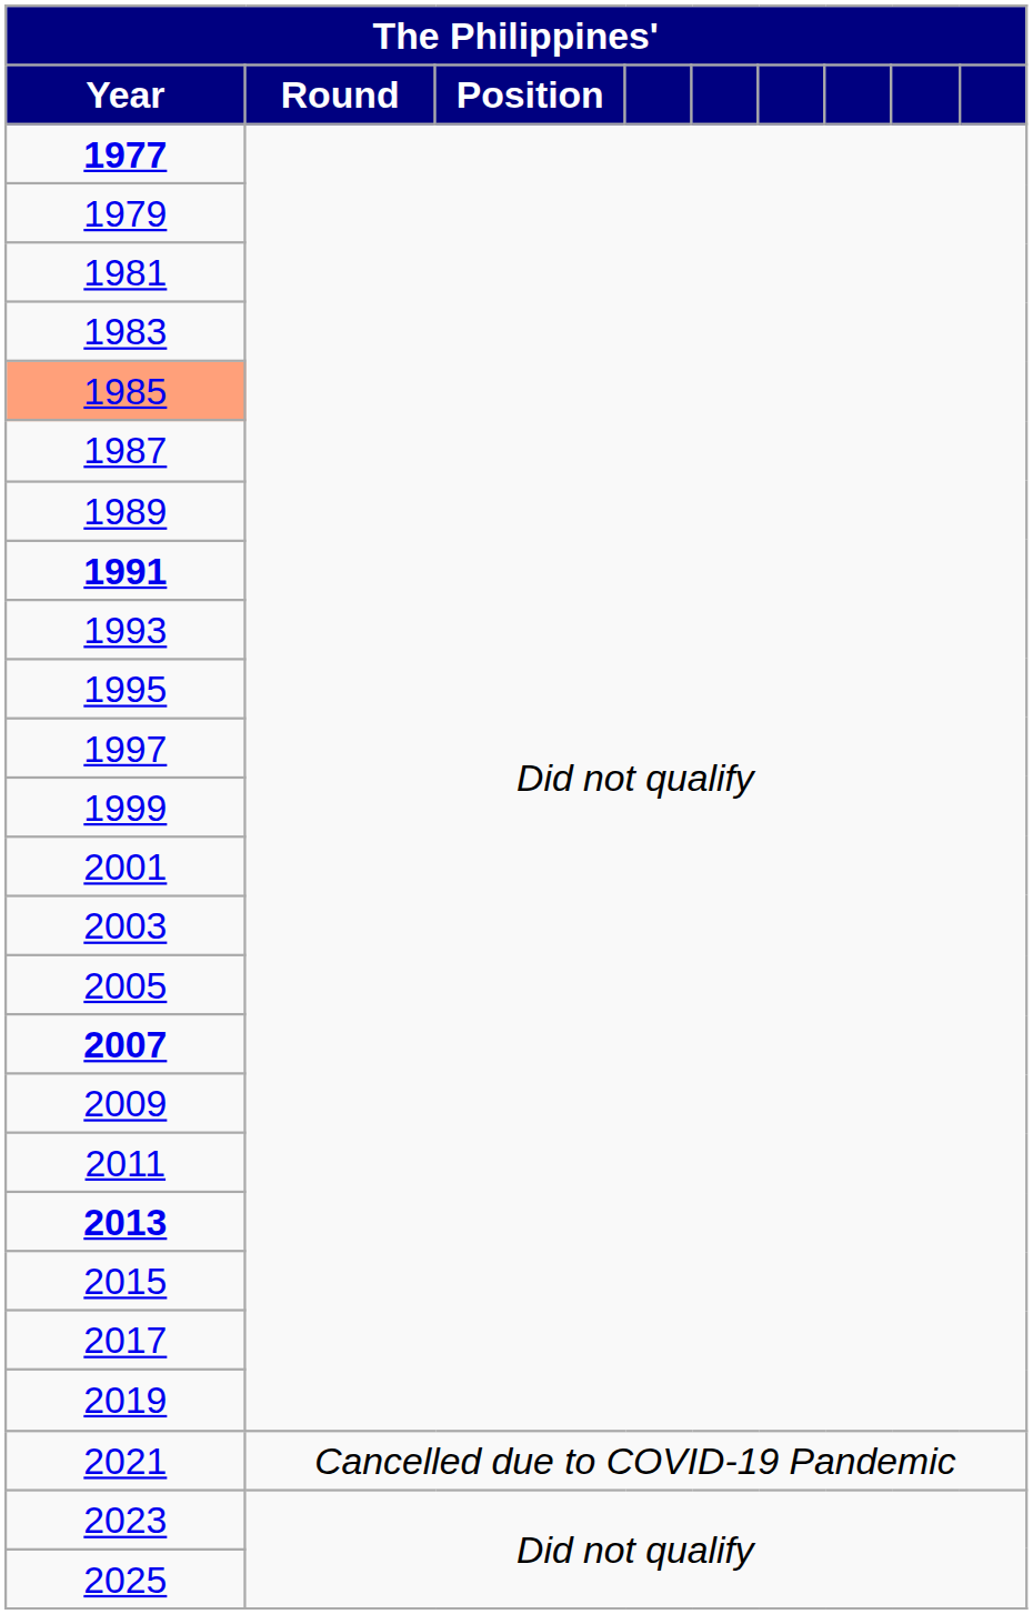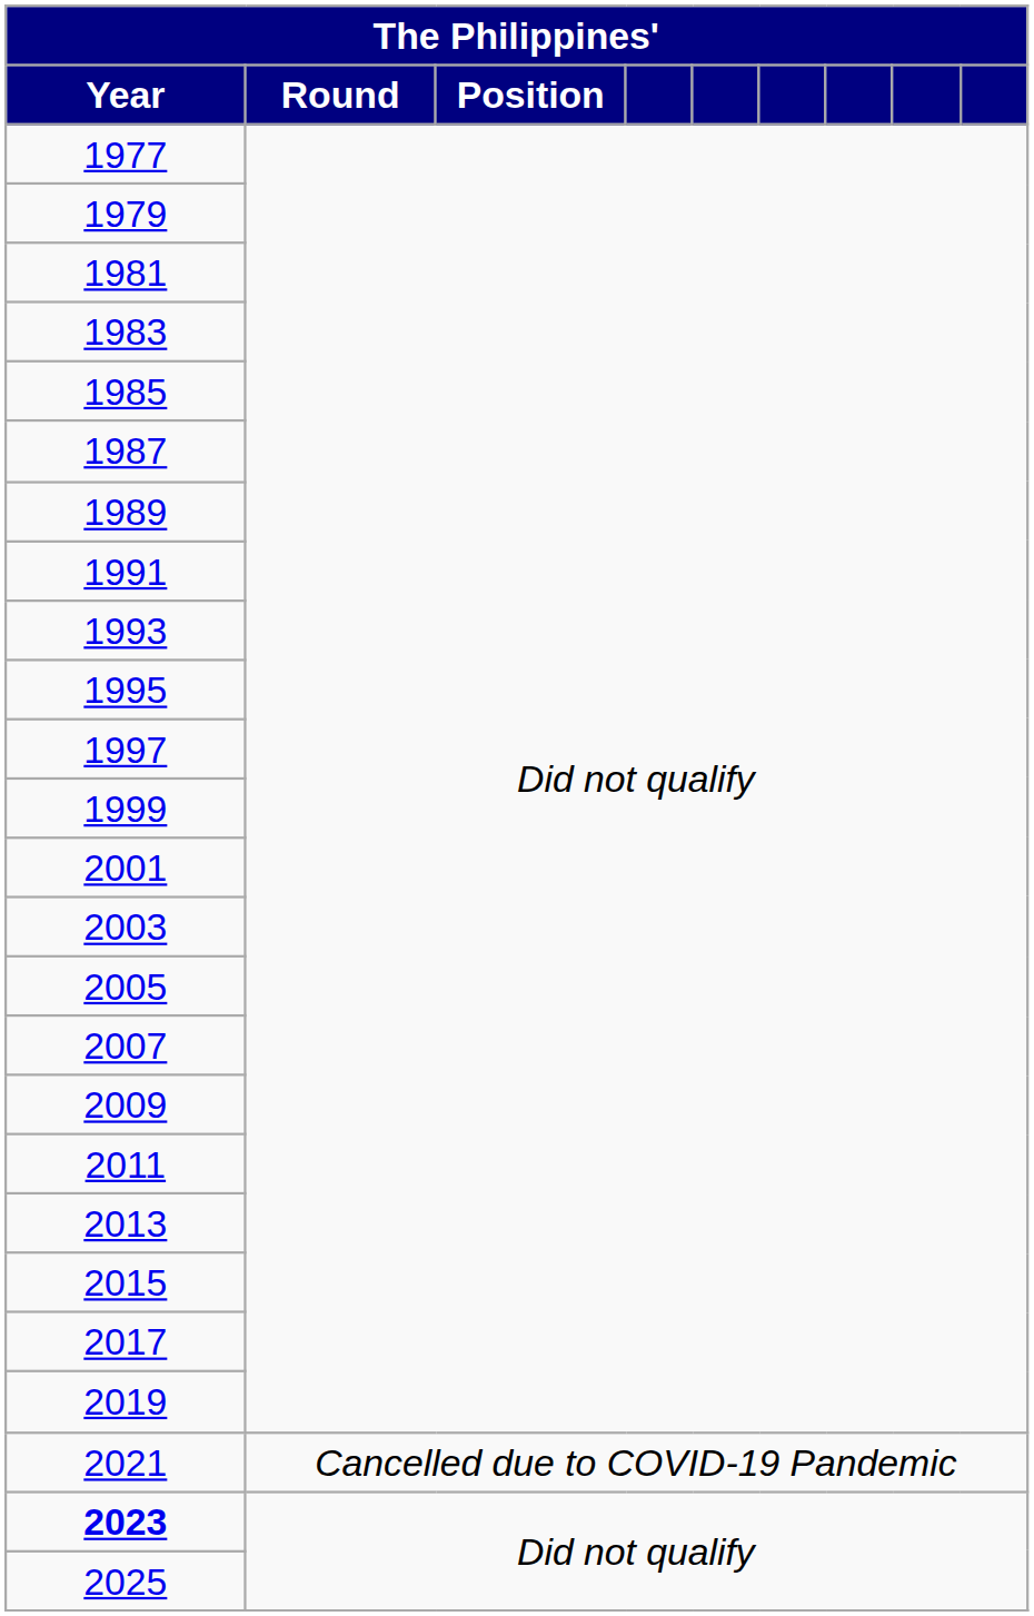 <table class="wikitable" style="text-align: center; font-size:95%;">
 <tr>
 <th colspan="10" style="background:#000080; color: #FFFFFF;">The Philippines' <a href='#'></a></th>
 </tr>
 <tr>
 <th style="background:#000080;color:white;"width=90>Year</th>
 <th style="background:#000080;color:white;"width="70">Round</th>
 <th style="background:#000080;color:white;"width="70">Position</th>
 <th style="background:#000080;color:white;"width="20"></th>
 <th style="background:#000080;color:white;"width="20"></th>
 <th style="background:#000080;color:white;"width="20"></th>
 <th style="background:#000080;color:white;"width="20"></th>
 <th style="background:#000080;color:white;"width="20"></th>
 <th style="background:#000080;color:white;"width="20"></th>
 </tr>
 <tr>
-<td><strong> <a href='#'>1977</a></strong></td>
+<td> <a href='#'>1977</a></td>
 <td rowspan=22 colspan=9><em>Did not qualify</em></td>
 </tr>
 <tr>
 <td> <a href='#'>1979</a></td>
 </tr>
 <tr>
 <td> <a href='#'>1981</a></td>
 </tr>
 <tr>
 <td> <a href='#'>1983</a></td>
 </tr>
 <tr>
-<td style="background: lightsalmon;"> <a href='#'>1985</a></td>
+<td> <a href='#'>1985</a></td>
 </tr>
 <tr>
 <td> <a href='#'>1987</a></td>
 </tr>
 <tr>
 <td> <a href='#'>1989</a></td>
 </tr>
 <tr>
-<td><strong> <a href='#'>1991</a></strong></td>
+<td> <a href='#'>1991</a></td>
 </tr>
 <tr>
 <td> <a href='#'>1993</a></td>
 </tr>
 <tr>
 <td> <a href='#'>1995</a></td>
 </tr>
 <tr>
 <td> <a href='#'>1997</a></td>
 </tr>
 <tr>
 <td> <a href='#'>1999</a></td>
 </tr>
 <tr>
 <td> <a href='#'>2001</a></td>
 </tr>
 <tr>
 <td> <a href='#'>2003</a></td>
 </tr>
 <tr>
 <td> <a href='#'>2005</a></td>
 </tr>
 <tr>
-<td><strong> <a href='#'>2007</a></strong></td>
+<td> <a href='#'>2007</a></td>
 </tr>
 <tr>
 <td> <a href='#'>2009</a></td>
 </tr>
 <tr>
 <td> <a href='#'>2011</a></td>
 </tr>
 <tr>
-<td><strong> <a href='#'>2013</a></strong></td>
+<td> <a href='#'>2013</a></td>
 </tr>
 <tr>
 <td> <a href='#'>2015</a></td>
 </tr>
 <tr>
 <td> <a href='#'>2017</a></td>
 </tr>
 <tr>
 <td> <a href='#'>2019</a></td>
 </tr>
 <tr>
 <td> <a href='#'>2021</a></td>
 <td colspan="8"><em>Cancelled due to COVID-19 Pandemic</em></td>
 </tr>
 <tr>
-<td> <a href='#'>2023</a></td>
+<td><strong> <a href='#'>2023</a></strong></td>
 <td rowspan=2 colspan="8"><em>Did not qualify</em></td>
 </tr>
 <tr>
 <td> <a href='#'>2025</a></td>
 </tr>
 <tr>
 </tr>
 </table>
